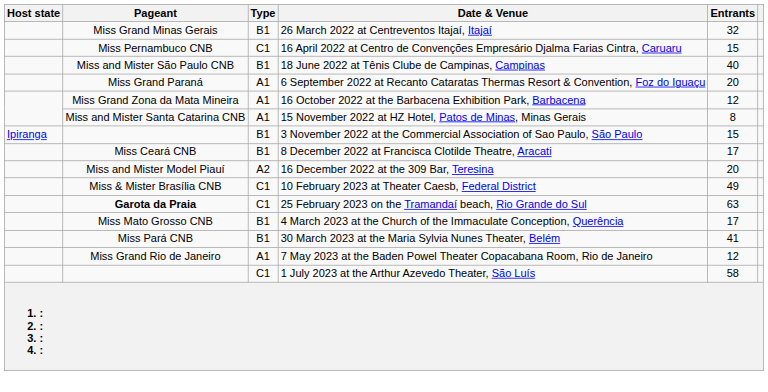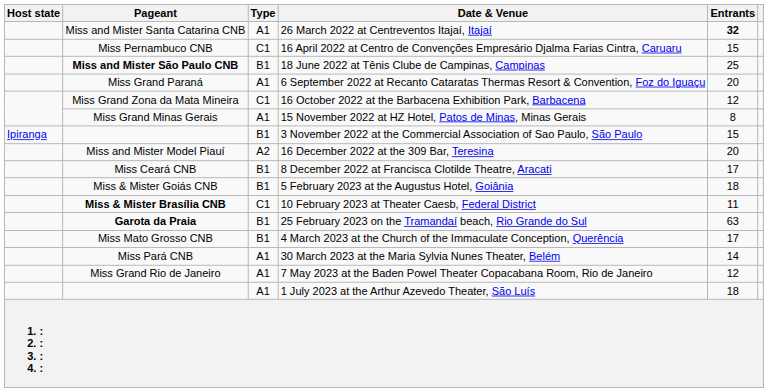 <table class="wikitable sortable static-row-numbers" style="font-size: 85%;">
 <tr>
 <th class=unsortable>Host state</th>
 <th class=unsortable>Pageant</th>
 <th class=unsortable>Type</th>
 <th class=unsortable>Date & Venue</th>
 <th class=unsortable>Entrants</th>
 <th class=unsortable></th>
 </tr>
 <tr>
 <td></td>
-<td align=center>Miss Grand Minas Gerais</td>
-<td align=center>B1</td>
+<td align=center>Miss and Mister Santa Catarina CNB</td>
+<td align=center>A1</td>
 <td>26 March 2022 at Centreventos Itajaí, <a href='#'>Itajaí</a></td>
-<td align=center>32</td>
+<td align=center><strong>32</strong></td>
 <td align=center></td>
 </tr>
 <tr>
 <td></td>
 <td align=center>Miss Pernambuco CNB</td>
 <td align=center>C1</td>
 <td>16 April 2022 at Centro de Convenções Empresário Djalma Farias Cintra, <a href='#'>Caruaru</a></td>
 <td align=center>15</td>
 <td align=center></td>
 </tr>
 <tr>
 <td></td>
-<td align=center>Miss and Mister São Paulo CNB</td>
+<td align=center><strong>Miss and Mister São Paulo CNB</strong></td>
 <td align=center>B1</td>
 <td>18 June 2022 at Tênis Clube de Campinas, <a href='#'>Campinas</a></td>
-<td align=center>40</td>
+<td align=center>25</td>
 <td align=center></td>
 </tr>
 <tr>
 <td></td>
 <td align=center>Miss Grand Paraná</td>
 <td align=center>A1</td>
 <td>6 September 2022 at Recanto Cataratas Thermas Resort & Convention, <a href='#'>Foz do Iguaçu</a></td>
 <td align=center>20</td>
 <td align=center></td>
 </tr>
 <tr>
 <td rowspan=2></td>
 <td align=center>Miss Grand Zona da Mata Mineira</td>
-<td align=center>A1</td>
+<td align=center>C1</td>
 <td>16 October 2022 at the Barbacena Exhibition Park, <a href='#'>Barbacena</a></td>
 <td align=center>12</td>
 <td align=center></td>
 </tr>
 <tr>
-<td align=center>Miss and Mister Santa Catarina CNB</td>
+<td align=center>Miss Grand Minas Gerais</td>
 <td align=center>A1</td>
 <td>15 November 2022 at HZ Hotel, <a href='#'>Patos de Minas</a>, Minas Gerais</td>
 <td align=center>8</td>
 <td align=center></td>
 </tr>
 <tr>
 <td> <a href='#'>Ipiranga</a></td>
 <td align=center></td>
 <td align=center>B1</td>
 <td>3 November 2022 at the Commercial Association of Sao Paulo, <a href='#'>São Paulo</a></td>
 <td align=center>15</td>
 <td align=center></td>
 </tr>
 <tr>
 <td></td>
+<td align=center>Miss and Mister Model Piauí</td>
+<td align=center>A2</td>
+<td>16 December 2022 at the 309 Bar, <a href='#'>Teresina</a></td>
+<td align=center>20</td>
+<td align=center></td>
+</tr>
+<tr>
+<td></td>
 <td align=center>Miss Ceará CNB</td>
 <td align=center>B1</td>
 <td>8 December 2022 at Francisca Clotilde Theatre, <a href='#'>Aracati</a></td>
 <td align=center>17</td>
 <td align=center></td>
 </tr>
 <tr>
 <td></td>
-<td align=center>Miss and Mister Model Piauí</td>
-<td align=center>A2</td>
-<td>16 December 2022 at the 309 Bar, <a href='#'>Teresina</a></td>
-<td align=center>20</td>
+<td align=center>Miss & Mister Goiás CNB</td>
+<td align=center>B1</td>
+<td>5 February 2023 at the Augustus Hotel, <a href='#'>Goiânia</a></td>
+<td align=center>18</td>
 <td align=center></td>
 </tr>
 <tr>
 <td></td>
-<td align=center>Miss & Mister Brasília CNB</td>
+<td align=center><strong>Miss & Mister Brasília CNB</strong></td>
 <td align=center>C1</td>
 <td>10 February 2023 at Theater Caesb, <a href='#'>Federal District</a></td>
-<td align=center>49</td>
+<td align=center>11</td>
 <td align=center></td>
 </tr>
 <tr>
 <td></td>
 <td align=center><strong>Garota da Praia</strong></td>
-<td align=center>C1</td>
+<td align=center>B1</td>
 <td>25 February 2023 on the <a href='#'>Tramandaí</a> beach, <a href='#'>Rio Grande do Sul</a></td>
 <td align=center>63</td>
 <td align=center></td>
 </tr>
 <tr>
 <td></td>
 <td align=center>Miss Mato Grosso CNB</td>
 <td align=center>B1</td>
 <td>4 March 2023 at the Church of the Immaculate Conception, <a href='#'>Querência</a></td>
 <td align=center>17</td>
 <td align=center></td>
 </tr>
 <tr>
 <td></td>
 <td align=center>Miss Pará CNB</td>
-<td align=center>B1</td>
+<td align=center>A1</td>
 <td>30 March 2023 at the Maria Sylvia Nunes Theater, <a href='#'>Belém</a></td>
-<td align=center>41</td>
+<td align=center>14</td>
 <td align=center></td>
 </tr>
 <tr>
 <td></td>
 <td align=center>Miss Grand Rio de Janeiro</td>
 <td align=center>A1</td>
 <td>7 May 2023 at the Baden Powel Theater Copacabana Room, Rio de Janeiro</td>
 <td align=center>12</td>
 <td align=center></td>
 </tr>
 <tr>
 <td></td>
 <td align=center></td>
-<td align=center>C1</td>
+<td align=center>A1</td>
 <td>1 July 2023 at the Arthur Azevedo Theater, <a href='#'>São Luís</a></td>
-<td align=center>58</td>
+<td align=center>18</td>
 <td></td>
 </tr>
 <tr>
 <th colspan="6" style="text-align:left;"><br><ol><li>: </li><li>: </li><li>: </li><li>: </li></ol></th>
 </tr>
 </table>
